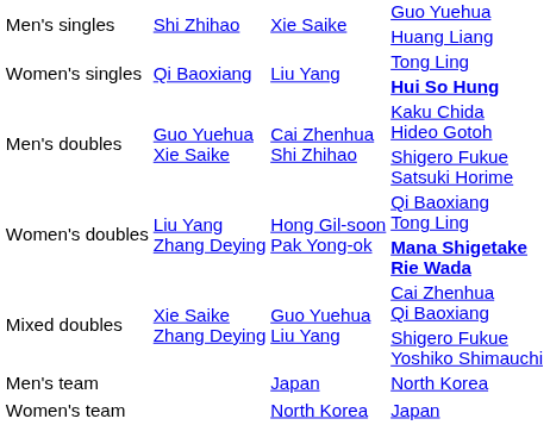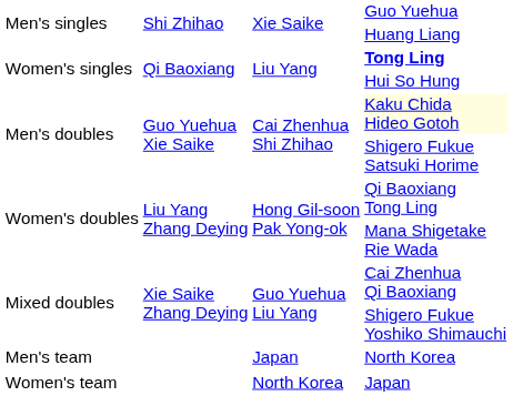 <table>
 <tr>
 <td rowspan=2>Men's singles <br></td>
 <td rowspan=2> <a href='#'>Shi Zhihao</a></td>
 <td rowspan=2> <a href='#'>Xie Saike</a></td>
 <td> <a href='#'>Guo Yuehua</a></td>
 </tr>
 <tr>
 <td> <a href='#'>Huang Liang</a></td>
 </tr>
 <tr>
 <td rowspan=2>Women's singles <br></td>
 <td rowspan=2> <a href='#'>Qi Baoxiang</a></td>
 <td rowspan=2> <a href='#'>Liu Yang</a></td>
-<td> <a href='#'>Tong Ling</a></td>
+<td><strong> <a href='#'>Tong Ling</a></strong></td>
 </tr>
 <tr>
-<td><strong> <a href='#'>Hui So Hung</a></strong></td>
+<td> <a href='#'>Hui So Hung</a></td>
 </tr>
 <tr>
 <td rowspan=2>Men's doubles <br></td>
 <td rowspan=2> <a href='#'>Guo Yuehua</a><br> <a href='#'>Xie Saike</a></td>
 <td rowspan=2> <a href='#'>Cai Zhenhua</a><br> <a href='#'>Shi Zhihao</a></td>
-<td> <a href='#'>Kaku Chida</a><br> <a href='#'>Hideo Gotoh</a></td>
+<td style="background: lightyellow;"> <a href='#'>Kaku Chida</a><br> <a href='#'>Hideo Gotoh</a></td>
 </tr>
 <tr>
 <td> <a href='#'>Shigero Fukue</a><br> <a href='#'>Satsuki Horime</a></td>
 </tr>
 <tr>
 <td rowspan=2>Women's doubles <br></td>
 <td rowspan=2> <a href='#'>Liu Yang</a><br> <a href='#'>Zhang Deying</a></td>
 <td rowspan=2> <a href='#'>Hong Gil-soon</a><br> <a href='#'>Pak Yong-ok</a></td>
 <td> <a href='#'>Qi Baoxiang</a><br> <a href='#'>Tong Ling</a></td>
 </tr>
 <tr>
-<td><strong> <a href='#'>Mana Shigetake</a><br>  <a href='#'>Rie Wada</a></strong></td>
+<td> <a href='#'>Mana Shigetake</a><br>  <a href='#'>Rie Wada</a></td>
 </tr>
 <tr>
 <td rowspan=2>Mixed doubles <br></td>
 <td rowspan=2> <a href='#'>Xie Saike</a><br> <a href='#'>Zhang Deying</a></td>
 <td rowspan=2> <a href='#'>Guo Yuehua</a><br> <a href='#'>Liu Yang</a></td>
 <td> <a href='#'>Cai Zhenhua</a><br> <a href='#'>Qi Baoxiang</a></td>
 </tr>
 <tr>
 <td> <a href='#'>Shigero Fukue</a><br> <a href='#'>Yoshiko Shimauchi</a></td>
 </tr>
 <tr>
 <td rowspan=1>Men's team <br></td>
 <td rowspan=1></td>
 <td rowspan=1> <a href='#'>Japan</a></td>
 <td> <a href='#'>North Korea</a></td>
 </tr>
 <tr>
 </tr>
 <tr>
 <td rowspan=1>Women's team <br></td>
 <td rowspan=1></td>
 <td rowspan=1> <a href='#'>North Korea</a></td>
 <td> <a href='#'>Japan</a></td>
 </tr>
 <tr>
 </tr>
 </table>
